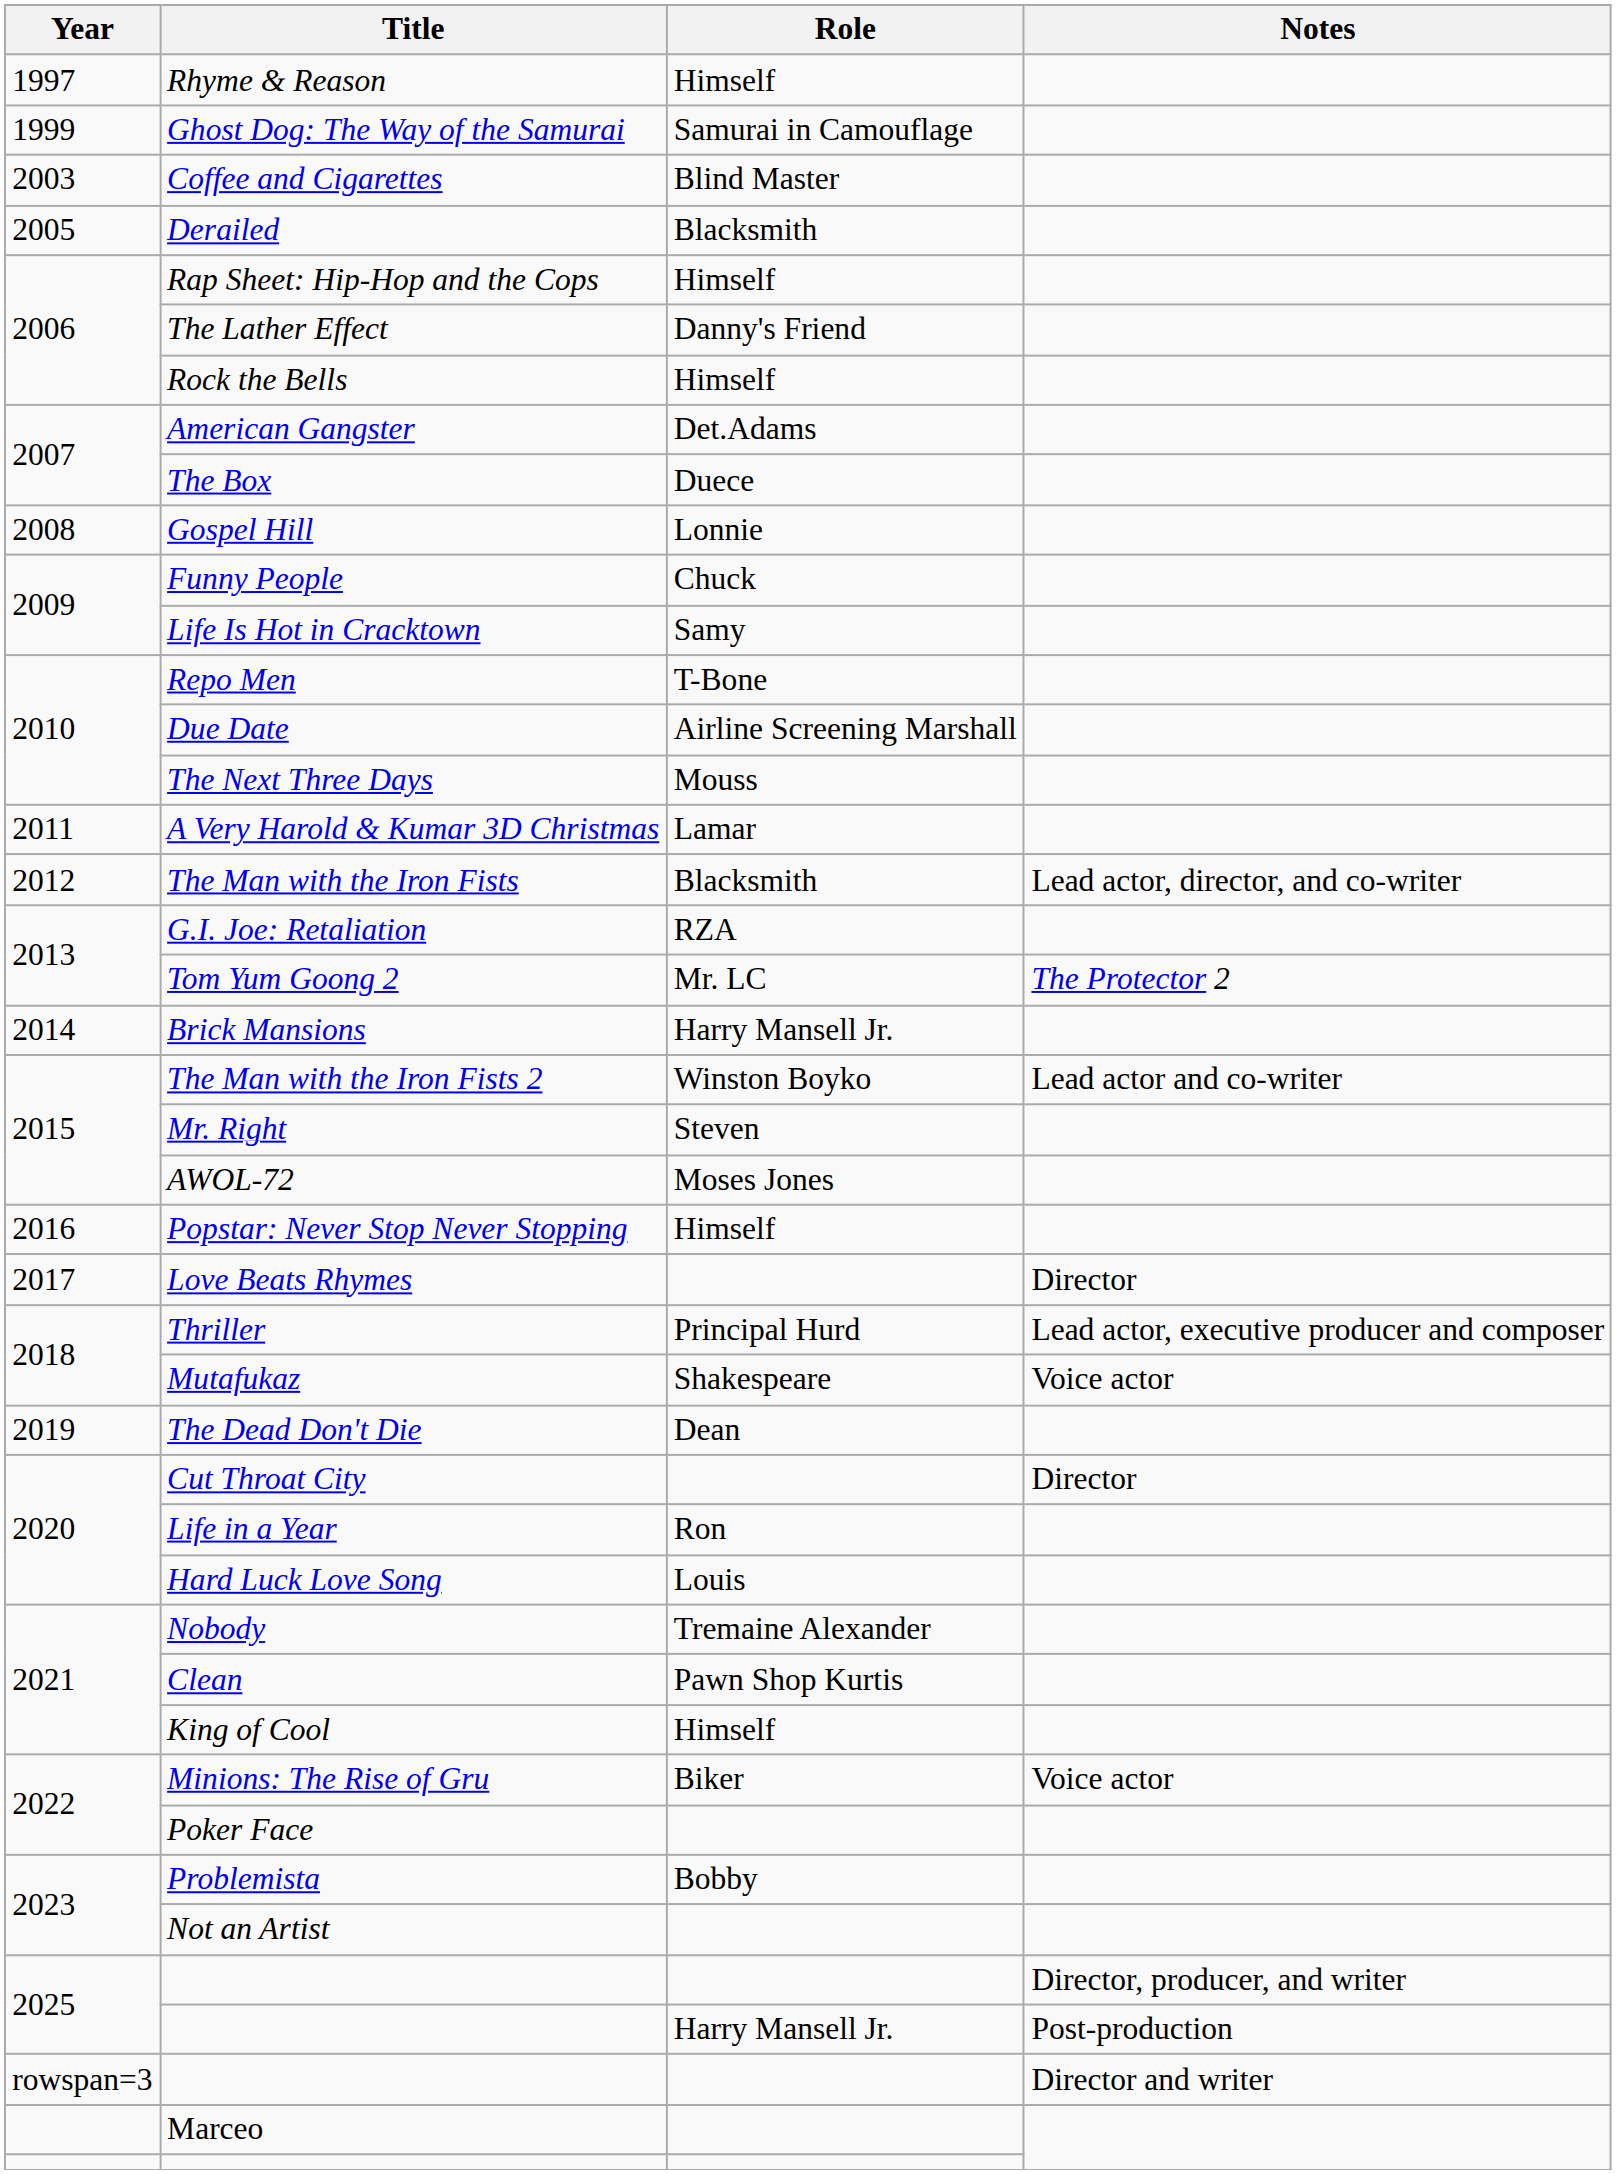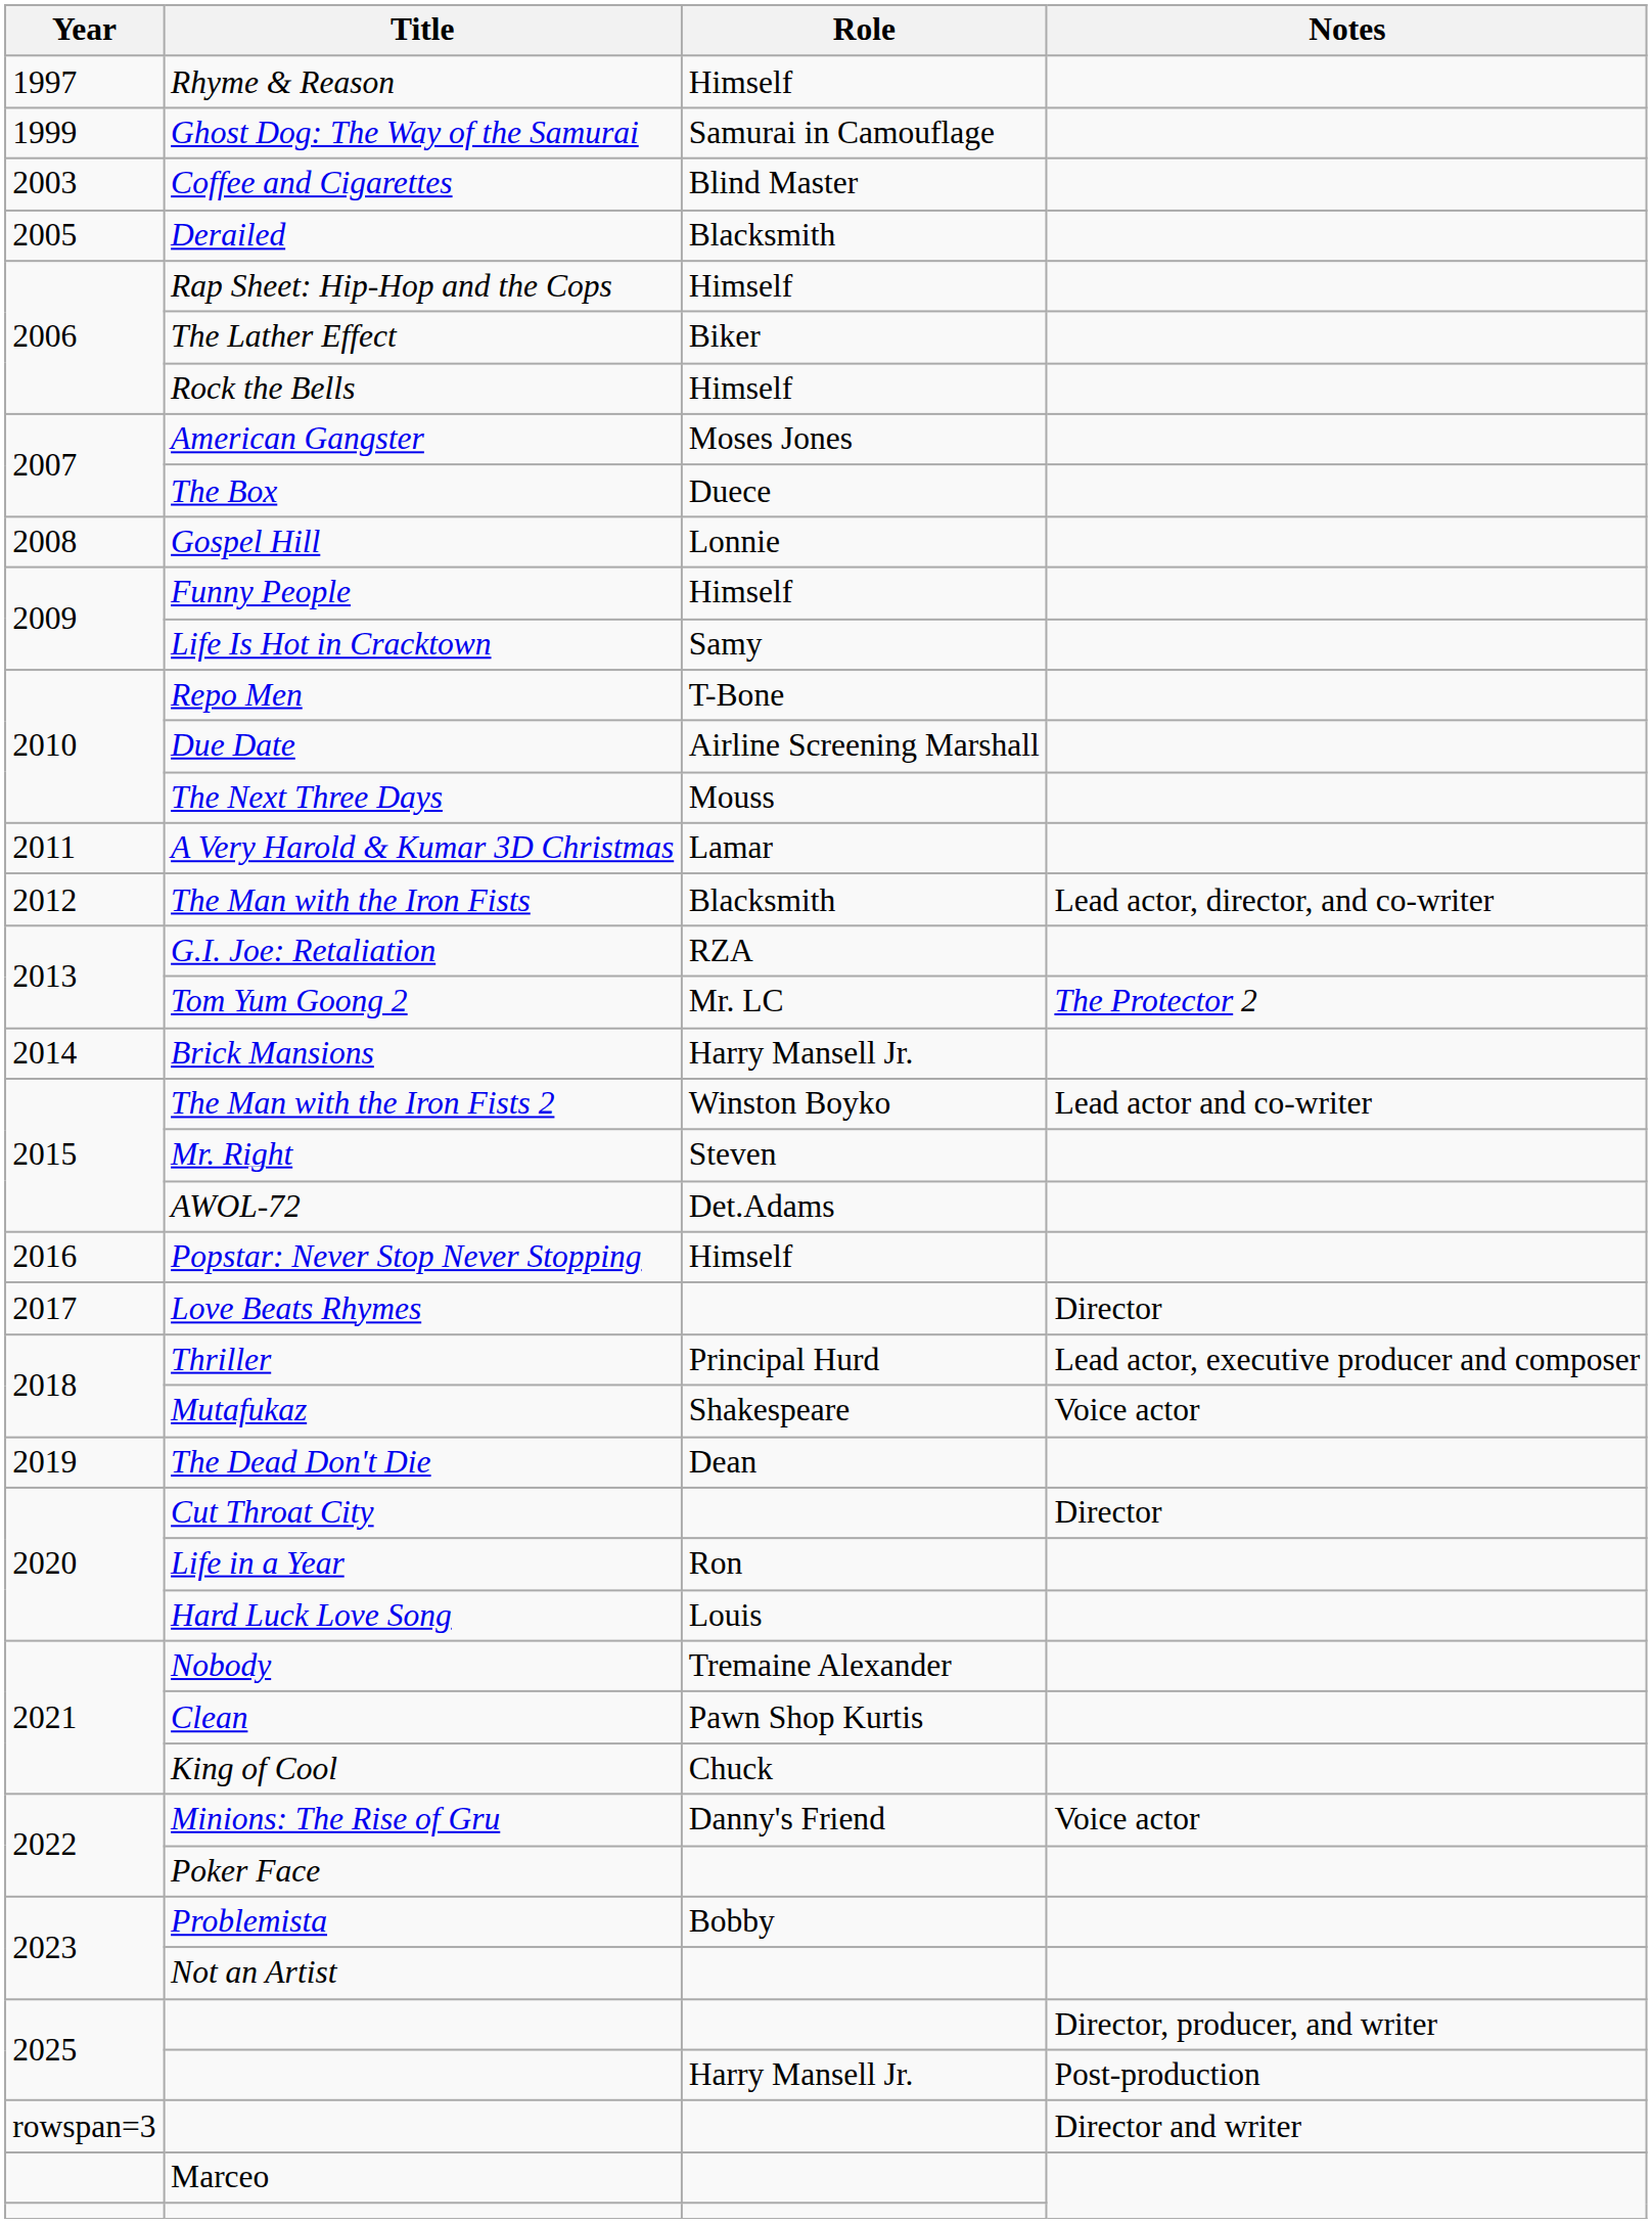 <table class="wikitable sortable">
 <tr>
 <th>Year</th>
 <th>Title</th>
 <th>Role</th>
 <th class="unsortable">Notes</th>
 </tr>
 <tr>
 <td>1997</td>
 <td><em>Rhyme & Reason</em></td>
 <td>Himself</td>
 <td></td>
 </tr>
 <tr>
 <td>1999</td>
 <td><em><a href='#'>Ghost Dog: The Way of the Samurai</a></em></td>
 <td>Samurai in Camouflage</td>
 <td></td>
 </tr>
 <tr>
 <td>2003</td>
 <td><em><a href='#'>Coffee and Cigarettes</a></em></td>
 <td>Blind Master</td>
 <td></td>
 </tr>
 <tr>
 <td>2005</td>
 <td><em><a href='#'>Derailed</a></em></td>
 <td>Blacksmith</td>
 <td></td>
 </tr>
 <tr>
 <td rowspan=3>2006</td>
 <td><em>Rap Sheet: Hip-Hop and the Cops</em></td>
 <td>Himself</td>
 <td></td>
 </tr>
 <tr>
 <td><em>The Lather Effect</em></td>
-<td>Danny's Friend</td>
+<td>Biker</td>
 <td></td>
 </tr>
 <tr>
 <td><em>Rock the Bells</em></td>
 <td>Himself</td>
 <td></td>
 </tr>
 <tr>
 <td rowspan=2>2007</td>
 <td><em><a href='#'>American Gangster</a></em></td>
-<td>Det.Adams</td>
+<td>Moses Jones</td>
 <td></td>
 </tr>
 <tr>
 <td><em><a href='#'>The Box</a></em></td>
 <td>Duece</td>
 <td></td>
 </tr>
 <tr>
 <td>2008</td>
 <td><em><a href='#'>Gospel Hill</a></em></td>
 <td>Lonnie</td>
 <td></td>
 </tr>
 <tr>
 <td rowspan=2>2009</td>
 <td><em><a href='#'>Funny People</a></em></td>
-<td>Chuck</td>
+<td>Himself</td>
 <td></td>
 </tr>
 <tr>
 <td><em><a href='#'>Life Is Hot in Cracktown</a></em></td>
 <td>Samy</td>
 <td></td>
 </tr>
 <tr>
 <td rowspan=3>2010</td>
 <td><em><a href='#'>Repo Men</a></em></td>
 <td>T-Bone</td>
 <td></td>
 </tr>
 <tr>
 <td><em><a href='#'>Due Date</a></em></td>
 <td>Airline Screening Marshall</td>
 <td></td>
 </tr>
 <tr>
 <td><em><a href='#'>The Next Three Days</a></em></td>
 <td>Mouss</td>
 <td></td>
 </tr>
 <tr>
 <td>2011</td>
 <td><em><a href='#'>A Very Harold & Kumar 3D Christmas</a></em></td>
 <td>Lamar</td>
 <td></td>
 </tr>
 <tr>
 <td>2012</td>
 <td><em><a href='#'>The Man with the Iron Fists</a></em></td>
 <td>Blacksmith</td>
 <td>Lead actor, director, and co-writer</td>
 </tr>
 <tr>
 <td rowspan=2>2013</td>
 <td><em><a href='#'>G.I. Joe: Retaliation</a></em></td>
 <td>RZA</td>
 <td></td>
 </tr>
 <tr>
 <td><em><a href='#'>Tom Yum Goong 2</a></em></td>
 <td>Mr. LC</td>
 <td><em><a href='#'>The Protector</a> 2</em></td>
 </tr>
 <tr>
 <td>2014</td>
 <td><em><a href='#'>Brick Mansions</a></em></td>
 <td>Harry Mansell Jr.</td>
 <td></td>
 </tr>
 <tr>
 <td rowspan=3>2015</td>
 <td><em><a href='#'>The Man with the Iron Fists 2</a></em></td>
 <td>Winston Boyko</td>
 <td>Lead actor and co-writer</td>
 </tr>
 <tr>
 <td><em><a href='#'>Mr. Right</a></em></td>
 <td>Steven</td>
 <td></td>
 </tr>
 <tr>
 <td><em>AWOL-72</em></td>
-<td>Moses Jones</td>
+<td>Det.Adams</td>
 <td></td>
 </tr>
 <tr>
 <td>2016</td>
 <td><em><a href='#'>Popstar: Never Stop Never Stopping</a></em></td>
 <td>Himself</td>
 <td></td>
 </tr>
 <tr>
 <td>2017</td>
 <td><em><a href='#'>Love Beats Rhymes</a></em></td>
 <td></td>
 <td>Director</td>
 </tr>
 <tr>
 <td rowspan=2>2018</td>
 <td><em><a href='#'>Thriller</a></em></td>
 <td>Principal Hurd</td>
 <td>Lead actor, executive producer and composer</td>
 </tr>
 <tr>
 <td><em><a href='#'>Mutafukaz</a></em></td>
 <td>Shakespeare</td>
 <td>Voice actor</td>
 </tr>
 <tr>
 <td>2019</td>
 <td><em><a href='#'>The Dead Don't Die</a></em></td>
 <td>Dean</td>
 <td></td>
 </tr>
 <tr>
 <td rowspan=3>2020</td>
 <td><em><a href='#'>Cut Throat City</a></em></td>
 <td></td>
 <td>Director</td>
 </tr>
 <tr>
 <td><em><a href='#'>Life in a Year</a></em></td>
 <td>Ron</td>
 <td></td>
 </tr>
 <tr>
 <td><em><a href='#'>Hard Luck Love Song</a></em></td>
 <td>Louis</td>
 <td></td>
 </tr>
 <tr>
 <td rowspan=3>2021</td>
 <td><em><a href='#'>Nobody</a></em></td>
 <td>Tremaine Alexander</td>
 <td></td>
 </tr>
 <tr>
 <td><em><a href='#'>Clean</a></em></td>
 <td>Pawn Shop Kurtis</td>
 <td></td>
 </tr>
 <tr>
 <td><em>King of Cool</em></td>
-<td>Himself</td>
+<td>Chuck</td>
 <td></td>
 </tr>
 <tr>
 <td rowspan=2>2022</td>
 <td><em><a href='#'>Minions: The Rise of Gru</a></em></td>
-<td>Biker</td>
+<td>Danny's Friend</td>
 <td>Voice actor</td>
 </tr>
 <tr>
 <td><em>Poker Face </em></td>
 <td></td>
 <td></td>
 </tr>
 <tr>
 <td rowspan=2>2023</td>
 <td><em><a href='#'>Problemista</a></em></td>
 <td>Bobby</td>
 <td></td>
 </tr>
 <tr>
 <td><em>Not an Artist</em></td>
 <td></td>
 <td></td>
 </tr>
 <tr>
 <td rowspan=2>2025</td>
 <td></td>
 <td></td>
 <td>Director, producer, and writer</td>
 </tr>
 <tr>
 <td></td>
 <td>Harry Mansell Jr.</td>
 <td>Post-production</td>
 </tr>
 <tr>
 <td>rowspan=3 </td>
 <td></td>
 <td></td>
 <td>Director and writer</td>
 </tr>
 <tr>
 <td></td>
 <td>Marceo</td>
 <td></td>
 </tr>
 <tr>
 <td></td>
 <td></td>
 <td></td>
 </tr>
 </table>
